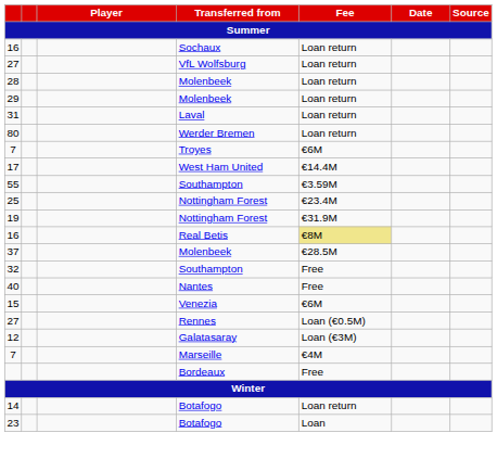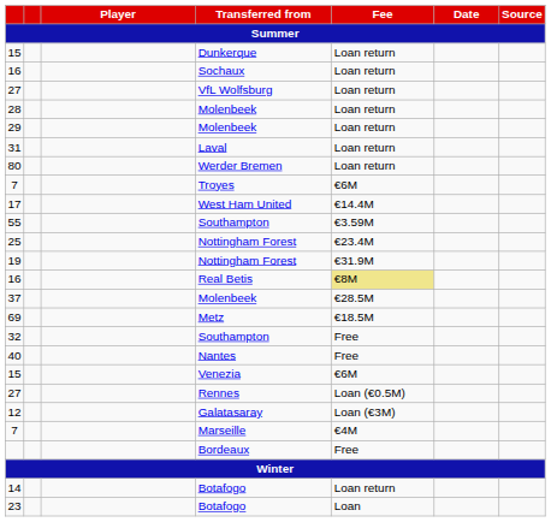 <table class="wikitable plainrowheaders sortable">
 <tr>
 <th style="background:#DD0000; color:white; scope=col; width:15px"></th>
 <th style="background:#DD0000; color:white; scope=col; width:15px"></th>
 <th style="background:#DD0000; color:white; scope=col; width:200px">Player</th>
 <th style="background:#DD0000; color:white; scope=col; width:175px">Transferred from</th>
 <th style="background:#DD0000; color:white; scope=col; width:130px">Fee</th>
 <th style="background:#DD0000; color:white; scope=col; width:80px">Date</th>
 <th style="background:#DD0000; color:white; scope=col; width:15px">Source</th>
 </tr>
 <tr>
 <th colspan="7" style="background:#1112AB; color:white;">Summer</th>
+</tr>
+<tr>
+<td align=center>15</td>
+<td align=center></td>
+<td></td>
+<td> <a href='#'>Dunkerque</a></td>
+<td>Loan return</td>
+<td></td>
+<td></td>
 </tr>
 <tr>
 <td align=center>16</td>
 <td align=center></td>
 <td></td>
 <td> <a href='#'>Sochaux</a></td>
 <td>Loan return</td>
 <td></td>
 <td></td>
 </tr>
 <tr>
 <td align=center>27</td>
 <td align=center></td>
 <td></td>
 <td> <a href='#'>VfL Wolfsburg</a></td>
 <td>Loan return</td>
 <td></td>
 <td></td>
 </tr>
 <tr>
 <td align=center>28</td>
 <td align=center></td>
 <td></td>
 <td> <a href='#'>Molenbeek</a></td>
 <td>Loan return</td>
 <td></td>
 <td></td>
 </tr>
 <tr>
 <td align=center>29</td>
 <td align=center></td>
 <td></td>
 <td> <a href='#'>Molenbeek</a></td>
 <td>Loan return</td>
 <td></td>
 <td></td>
 </tr>
 <tr>
 <td align=center>31</td>
 <td align=center></td>
 <td></td>
 <td> <a href='#'>Laval</a></td>
 <td>Loan return</td>
 <td></td>
 <td></td>
 </tr>
 <tr>
 <td align=center>80</td>
 <td align=center></td>
 <td></td>
 <td> <a href='#'>Werder Bremen</a></td>
 <td>Loan return</td>
 <td></td>
 <td></td>
 </tr>
 <tr>
 <td align=center>7</td>
 <td align=center></td>
 <td></td>
 <td> <a href='#'>Troyes</a></td>
 <td>€6M</td>
 <td></td>
 <td></td>
 </tr>
 <tr>
 <td align=center>17</td>
 <td align=center></td>
 <td></td>
 <td> <a href='#'>West Ham United</a></td>
 <td>€14.4M</td>
 <td></td>
 <td></td>
 </tr>
 <tr>
 <td align=center>55</td>
 <td align=center></td>
 <td></td>
 <td> <a href='#'>Southampton</a></td>
 <td>€3.59M</td>
 <td></td>
 <td></td>
 </tr>
 <tr>
 <td align=center>25</td>
 <td align=center></td>
 <td></td>
 <td> <a href='#'>Nottingham Forest</a></td>
 <td>€23.4M</td>
 <td></td>
 <td></td>
 </tr>
 <tr>
 <td align=center>19</td>
 <td align=center></td>
 <td></td>
 <td> <a href='#'>Nottingham Forest</a></td>
 <td>€31.9M</td>
 <td></td>
 <td></td>
 </tr>
 <tr>
 <td align=center>16</td>
 <td align=center></td>
 <td></td>
 <td> <a href='#'>Real Betis</a></td>
 <td style="background: khaki;">€8M</td>
 <td></td>
 <td></td>
 </tr>
 <tr>
 <td align=center>37</td>
 <td align=center></td>
 <td></td>
 <td> <a href='#'>Molenbeek</a></td>
 <td>€28.5M</td>
 <td></td>
 <td></td>
 </tr>
 <tr>
+<td align=center>69</td>
+<td align=center></td>
+<td></td>
+<td> <a href='#'>Metz</a></td>
+<td>€18.5M</td>
+<td></td>
+<td></td>
+</tr>
+<tr>
 <td align=center>32</td>
 <td align=center></td>
 <td></td>
 <td> <a href='#'>Southampton</a></td>
 <td>Free</td>
 <td></td>
 <td></td>
 </tr>
 <tr>
 <td align=center>40</td>
 <td align=center></td>
 <td></td>
 <td> <a href='#'>Nantes</a></td>
 <td>Free</td>
 <td></td>
 <td></td>
 </tr>
 <tr>
 <td align=center>15</td>
 <td align=center></td>
 <td></td>
 <td> <a href='#'>Venezia</a></td>
 <td>€6M</td>
 <td></td>
 <td></td>
 </tr>
 <tr>
 <td align=center>27</td>
 <td align=center></td>
 <td></td>
 <td> <a href='#'>Rennes</a></td>
 <td>Loan (€0.5M)</td>
 <td></td>
 <td></td>
 </tr>
 <tr>
 <td align=center>12</td>
 <td align=center></td>
 <td></td>
 <td> <a href='#'>Galatasaray</a></td>
 <td>Loan (€3M)</td>
 <td></td>
 <td></td>
 </tr>
 <tr>
 <td align=center>7</td>
 <td align=center></td>
 <td></td>
 <td> <a href='#'>Marseille</a></td>
 <td>€4M</td>
 <td></td>
 <td></td>
 </tr>
 <tr>
 <td align=center></td>
 <td align=center></td>
 <td></td>
 <td> <a href='#'>Bordeaux</a></td>
 <td>Free</td>
 <td></td>
 <td></td>
 </tr>
 <tr>
 <th colspan="7" style="background:#1112AB; color:white;">Winter</th>
 </tr>
 <tr>
 <td align=center>14</td>
 <td align=center></td>
 <td></td>
 <td> <a href='#'>Botafogo</a></td>
 <td>Loan return</td>
 <td></td>
 <td></td>
 </tr>
 <tr>
 <td align=center>23</td>
 <td align=center></td>
 <td></td>
 <td> <a href='#'>Botafogo</a></td>
 <td>Loan</td>
 <td></td>
 <td></td>
 </tr>
 </table>
